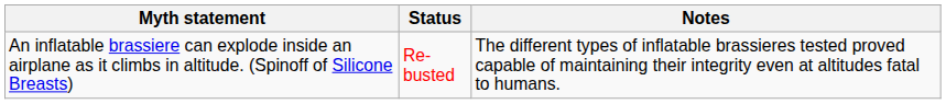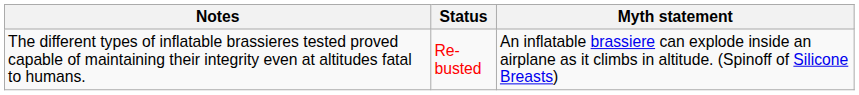 <table class="wikitable plainrowheaders">
 <tr>
+<th>Notes</th>
+<th>Status</th>
 <th>Myth statement</th>
-<th>Status</th>
-<th>Notes</th>
 </tr>
 <tr>
+<td>The different types of inflatable brassieres tested proved capable of maintaining their integrity even at altitudes fatal to humans.</td>
+<td style="color:red">Re-busted</td>
 <td>An inflatable <a href='#'>brassiere</a> can explode inside an airplane as it climbs in altitude. (Spinoff of <a href='#'>Silicone Breasts</a>)</td>
-<td style="color:red">Re-busted</td>
-<td>The different types of inflatable brassieres tested proved capable of maintaining their integrity even at altitudes fatal to humans.</td>
 </tr>
 </table>
